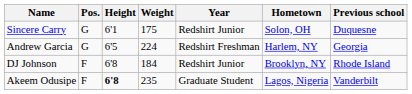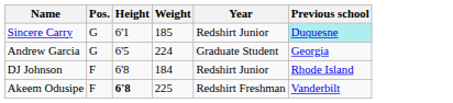 <table class="wikitable sortable" border="1">
 <tr align=center>
 <th>Name</th>
 <th>Pos.</th>
 <th>Height</th>
 <th>Weight</th>
 <th>Year</th>
-<th>Hometown</th>
 <th>Previous school</th>
 </tr>
 <tr>
 <td><a href='#'>Sincere Carry</a></td>
 <td>G</td>
 <td>6'1</td>
-<td>175</td>
+<td>185</td>
 <td>Redshirt Junior</td>
-<td><a href='#'>Solon, OH</a></td>
-<td><a href='#'>Duquesne</a></td>
+<td style="background: paleturquoise;"><a href='#'>Duquesne</a></td>
 </tr>
 <tr>
 <td>Andrew Garcia</td>
 <td>G</td>
 <td>6'5</td>
 <td>224</td>
-<td>Redshirt Freshman</td>
-<td><a href='#'>Harlem, NY</a></td>
+<td>Graduate Student</td>
 <td><a href='#'>Georgia</a></td>
 </tr>
 <tr>
 <td>DJ Johnson</td>
 <td>F</td>
 <td>6'8</td>
 <td>184</td>
 <td>Redshirt Junior</td>
-<td><a href='#'>Brooklyn, NY</a></td>
 <td><a href='#'>Rhode Island</a></td>
 </tr>
 <tr>
 <td>Akeem Odusipe</td>
 <td>F</td>
 <td><strong>6'8</strong></td>
-<td>235</td>
-<td>Graduate Student</td>
-<td><a href='#'>Lagos, Nigeria</a></td>
+<td>225</td>
+<td>Redshirt Freshman</td>
 <td><a href='#'>Vanderbilt</a></td>
 </tr>
 </table>
